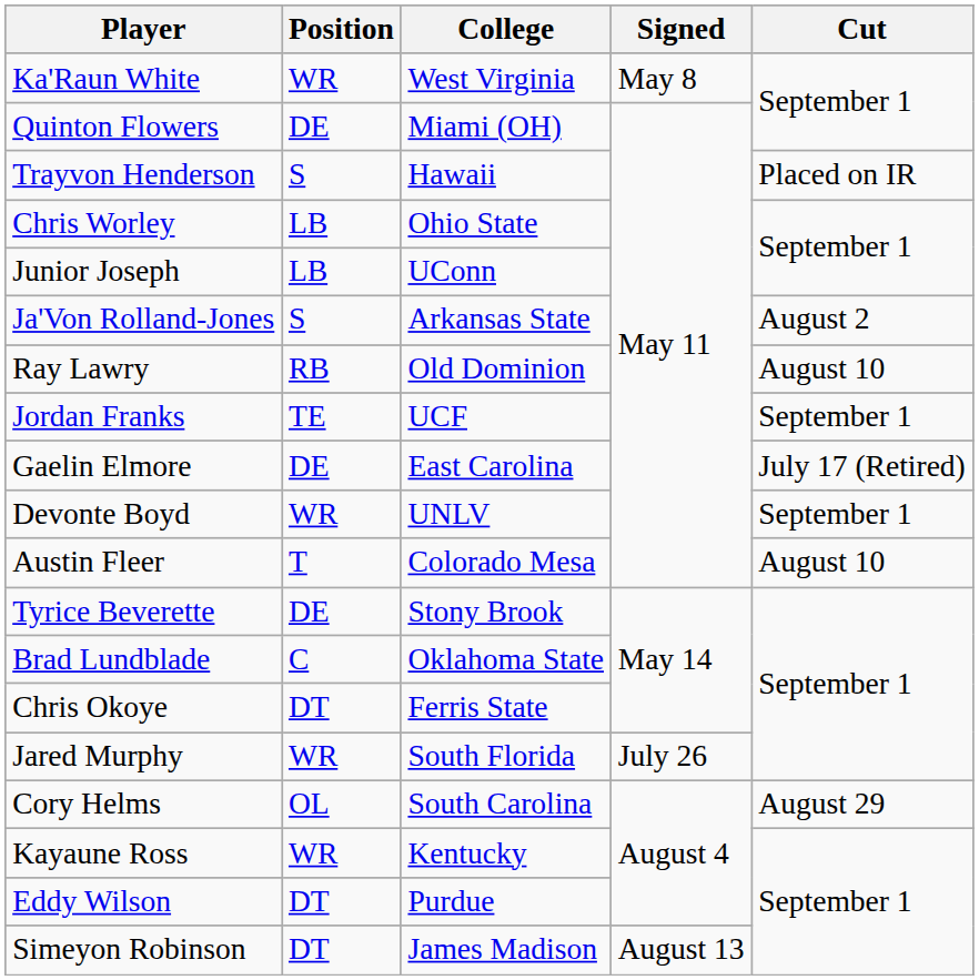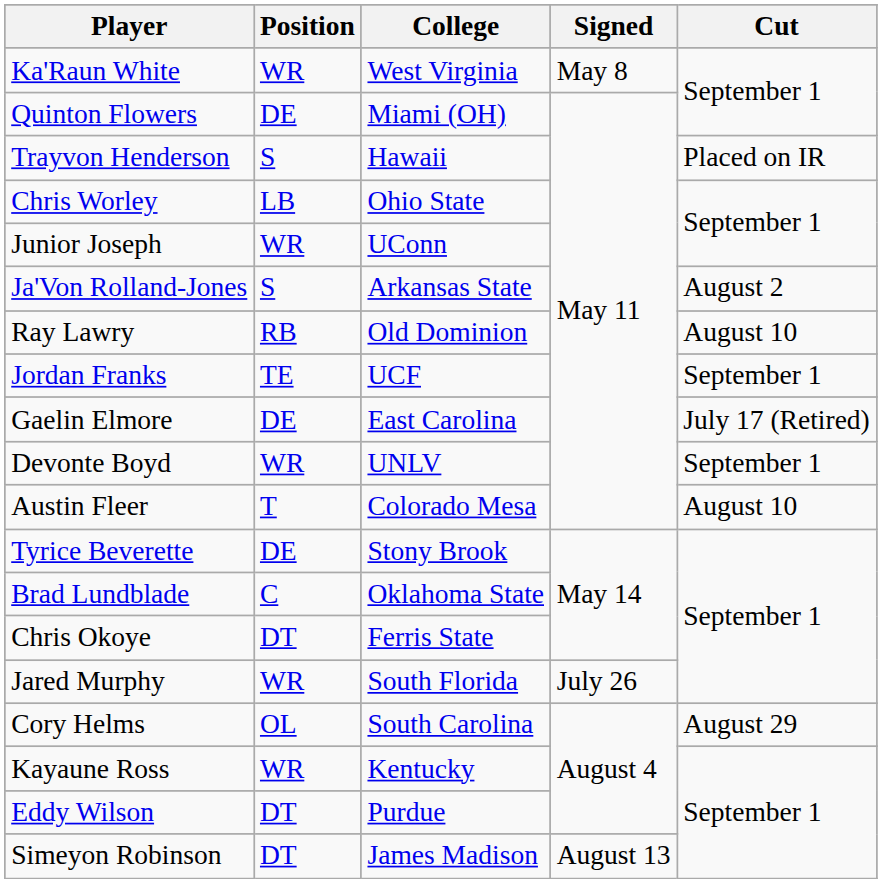 <table class="wikitable">
 <tr>
 <th>Player</th>
 <th>Position</th>
 <th>College</th>
 <th>Signed</th>
 <th>Cut</th>
 </tr>
 <tr>
 <td><a href='#'>Ka'Raun White</a></td>
 <td><a href='#'>WR</a></td>
 <td><a href='#'>West Virginia</a></td>
 <td>May 8</td>
 <td rowspan="2">September 1</td>
 </tr>
 <tr>
 <td><a href='#'>Quinton Flowers</a></td>
 <td><a href='#'>DE</a></td>
 <td><a href='#'>Miami (OH)</a></td>
 <td rowspan="10">May 11</td>
 </tr>
 <tr>
 <td><a href='#'>Trayvon Henderson</a></td>
 <td><a href='#'>S</a></td>
 <td><a href='#'>Hawaii</a></td>
 <td>Placed on IR</td>
 </tr>
 <tr>
 <td><a href='#'>Chris Worley</a></td>
 <td><a href='#'>LB</a></td>
 <td><a href='#'>Ohio State</a></td>
 <td rowspan="2">September 1</td>
 </tr>
 <tr>
 <td>Junior Joseph</td>
-<td><a href='#'>LB</a></td>
+<td><a href='#'>WR</a></td>
 <td><a href='#'>UConn</a></td>
 </tr>
 <tr>
 <td><a href='#'>Ja'Von Rolland-Jones</a></td>
 <td><a href='#'>S</a></td>
 <td><a href='#'>Arkansas State</a></td>
 <td>August 2</td>
 </tr>
 <tr>
 <td>Ray Lawry</td>
 <td><a href='#'>RB</a></td>
 <td><a href='#'>Old Dominion</a></td>
 <td>August 10</td>
 </tr>
 <tr>
 <td><a href='#'>Jordan Franks</a></td>
 <td><a href='#'>TE</a></td>
 <td><a href='#'>UCF</a></td>
 <td>September 1</td>
 </tr>
 <tr>
 <td>Gaelin Elmore</td>
 <td><a href='#'>DE</a></td>
 <td><a href='#'>East Carolina</a></td>
 <td>July 17 (Retired)</td>
 </tr>
 <tr>
 <td>Devonte Boyd</td>
 <td><a href='#'>WR</a></td>
 <td><a href='#'>UNLV</a></td>
 <td>September 1</td>
 </tr>
 <tr>
 <td>Austin Fleer</td>
 <td><a href='#'>T</a></td>
 <td><a href='#'>Colorado Mesa</a></td>
 <td>August 10</td>
 </tr>
 <tr>
 <td><a href='#'>Tyrice Beverette</a></td>
 <td><a href='#'>DE</a></td>
 <td><a href='#'>Stony Brook</a></td>
 <td rowspan="3">May 14</td>
 <td rowspan="4">September 1</td>
 </tr>
 <tr>
 <td><a href='#'>Brad Lundblade</a></td>
 <td><a href='#'>C</a></td>
 <td><a href='#'>Oklahoma State</a></td>
 </tr>
 <tr>
 <td>Chris Okoye</td>
 <td><a href='#'>DT</a></td>
 <td><a href='#'>Ferris State</a></td>
 </tr>
 <tr>
 <td>Jared Murphy</td>
 <td><a href='#'>WR</a></td>
 <td><a href='#'>South Florida</a></td>
 <td>July 26</td>
 </tr>
 <tr>
 <td>Cory Helms</td>
 <td><a href='#'>OL</a></td>
 <td><a href='#'>South Carolina</a></td>
 <td rowspan="3">August 4</td>
 <td>August 29</td>
 </tr>
 <tr>
 <td>Kayaune Ross</td>
 <td><a href='#'>WR</a></td>
 <td><a href='#'>Kentucky</a></td>
 <td rowspan="3">September 1</td>
 </tr>
 <tr>
 <td><a href='#'>Eddy Wilson</a></td>
 <td><a href='#'>DT</a></td>
 <td><a href='#'>Purdue</a></td>
 </tr>
 <tr>
 <td>Simeyon Robinson</td>
 <td><a href='#'>DT</a></td>
 <td><a href='#'>James Madison</a></td>
 <td>August 13</td>
 </tr>
 </table>
